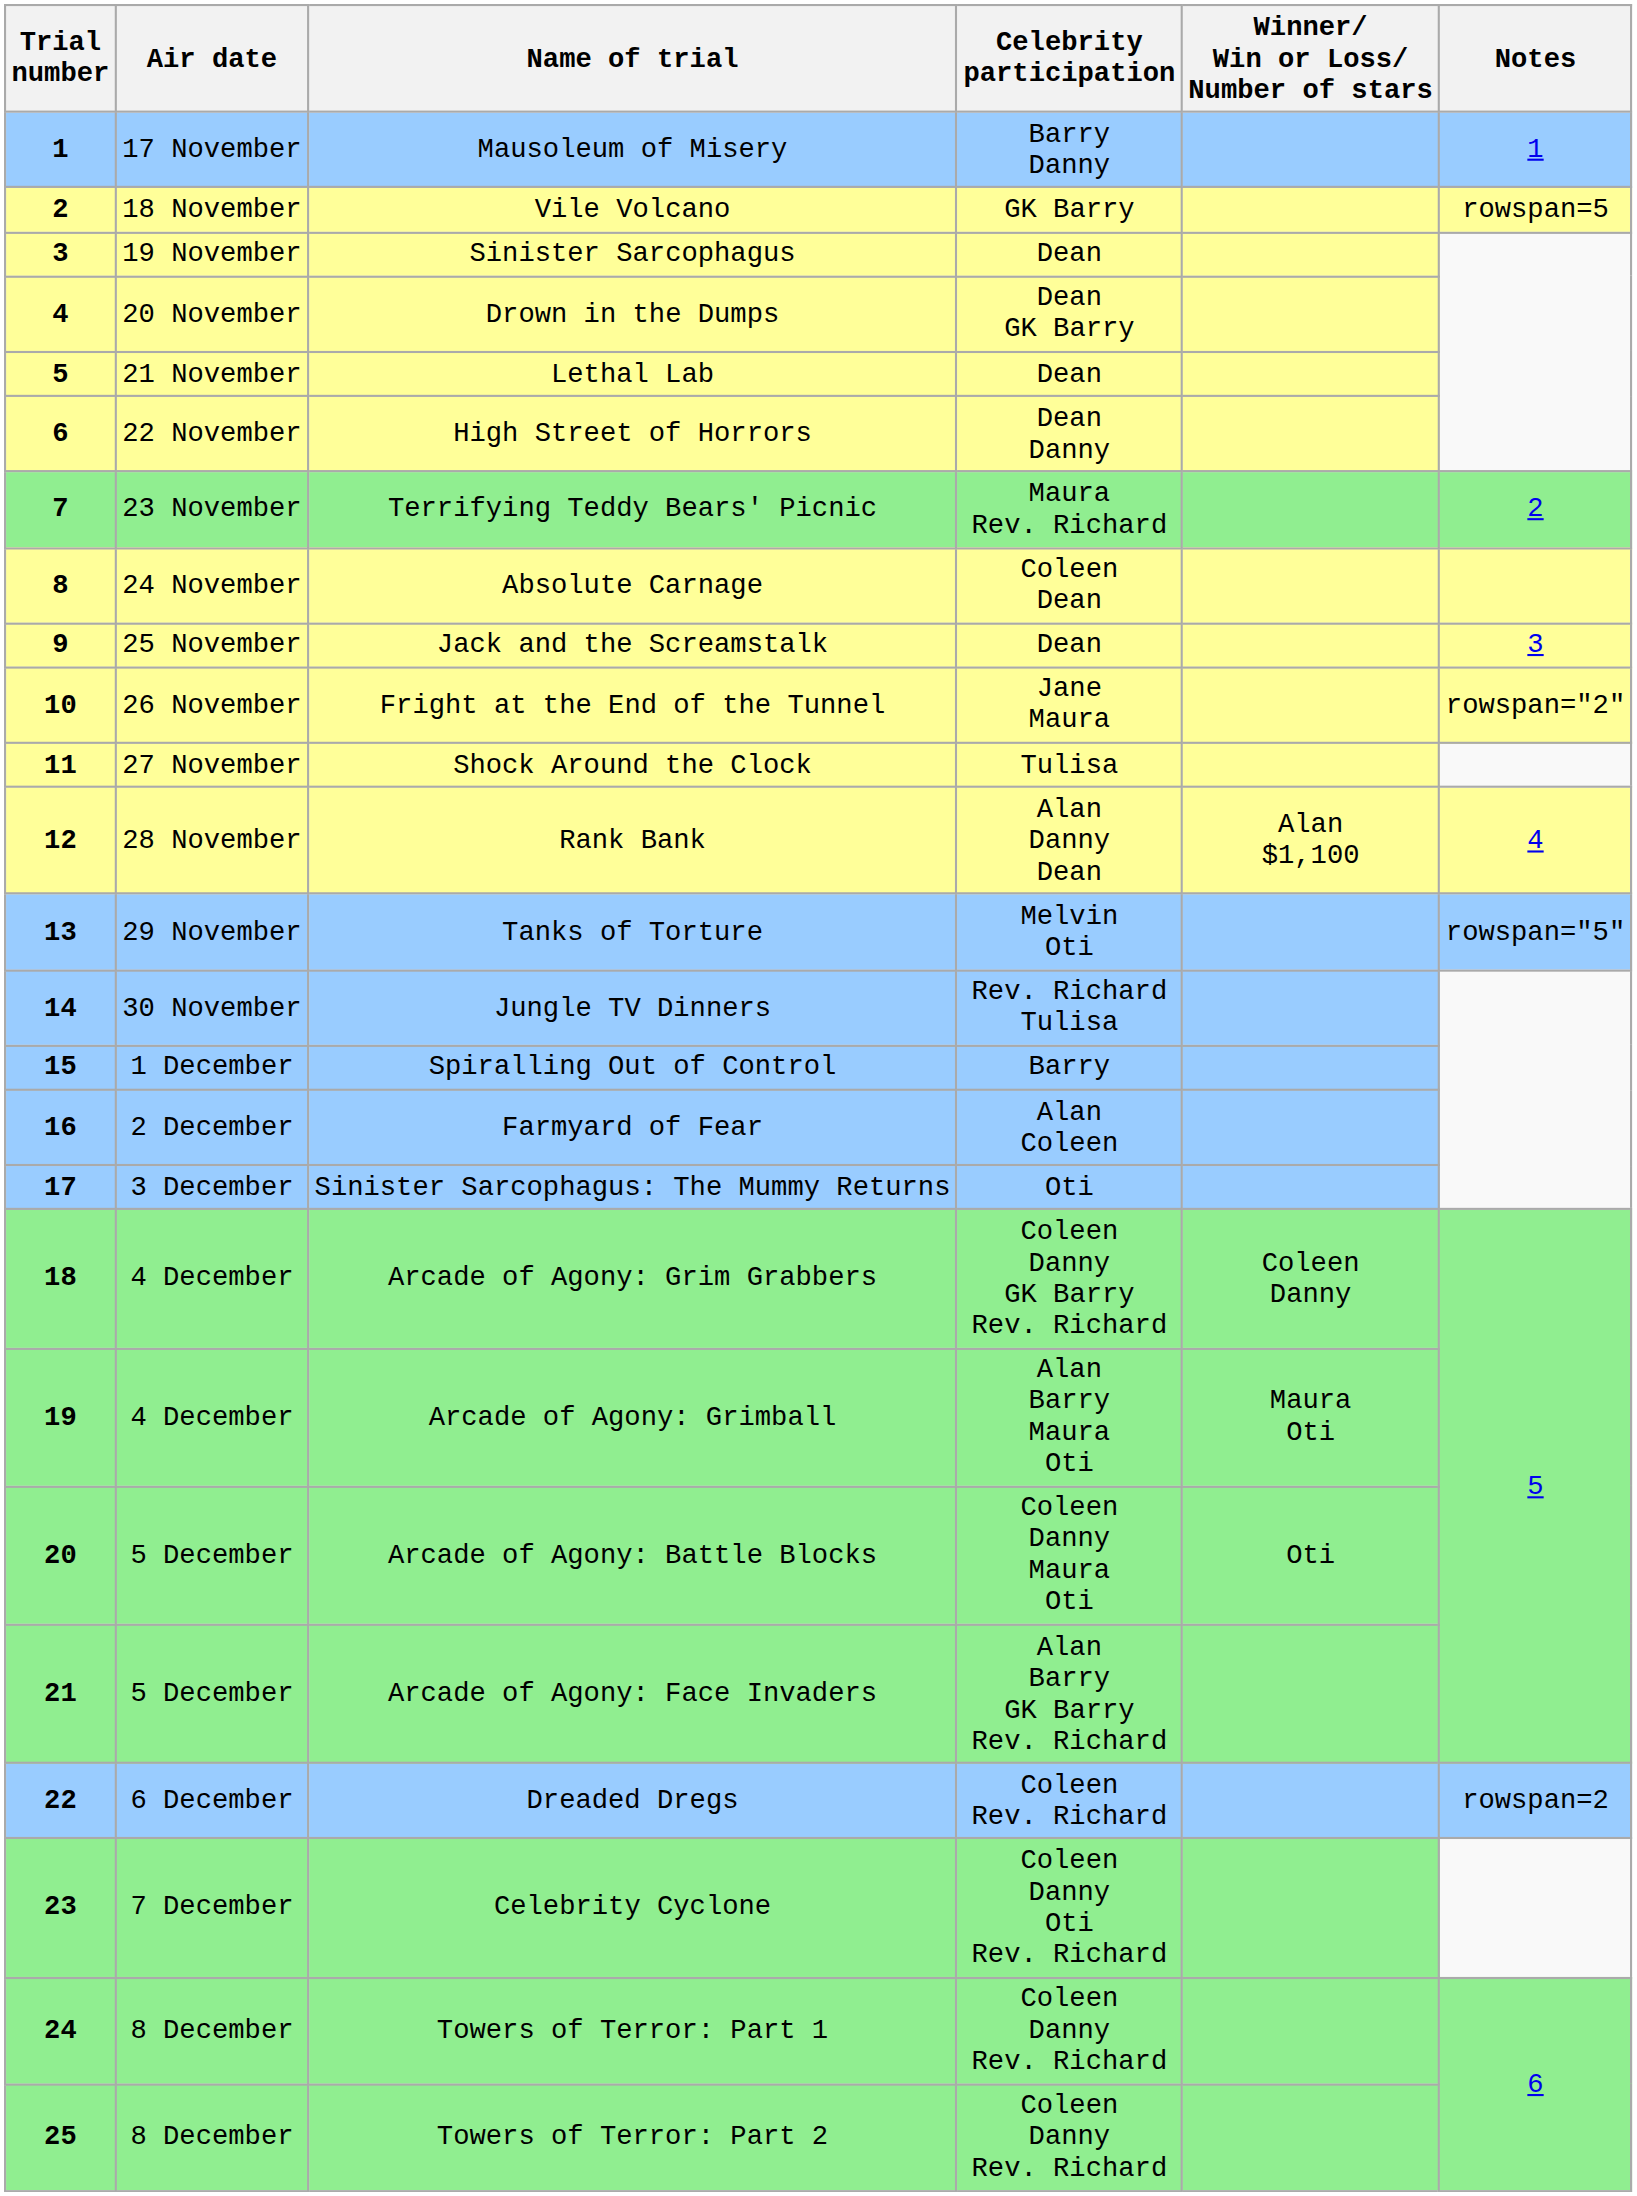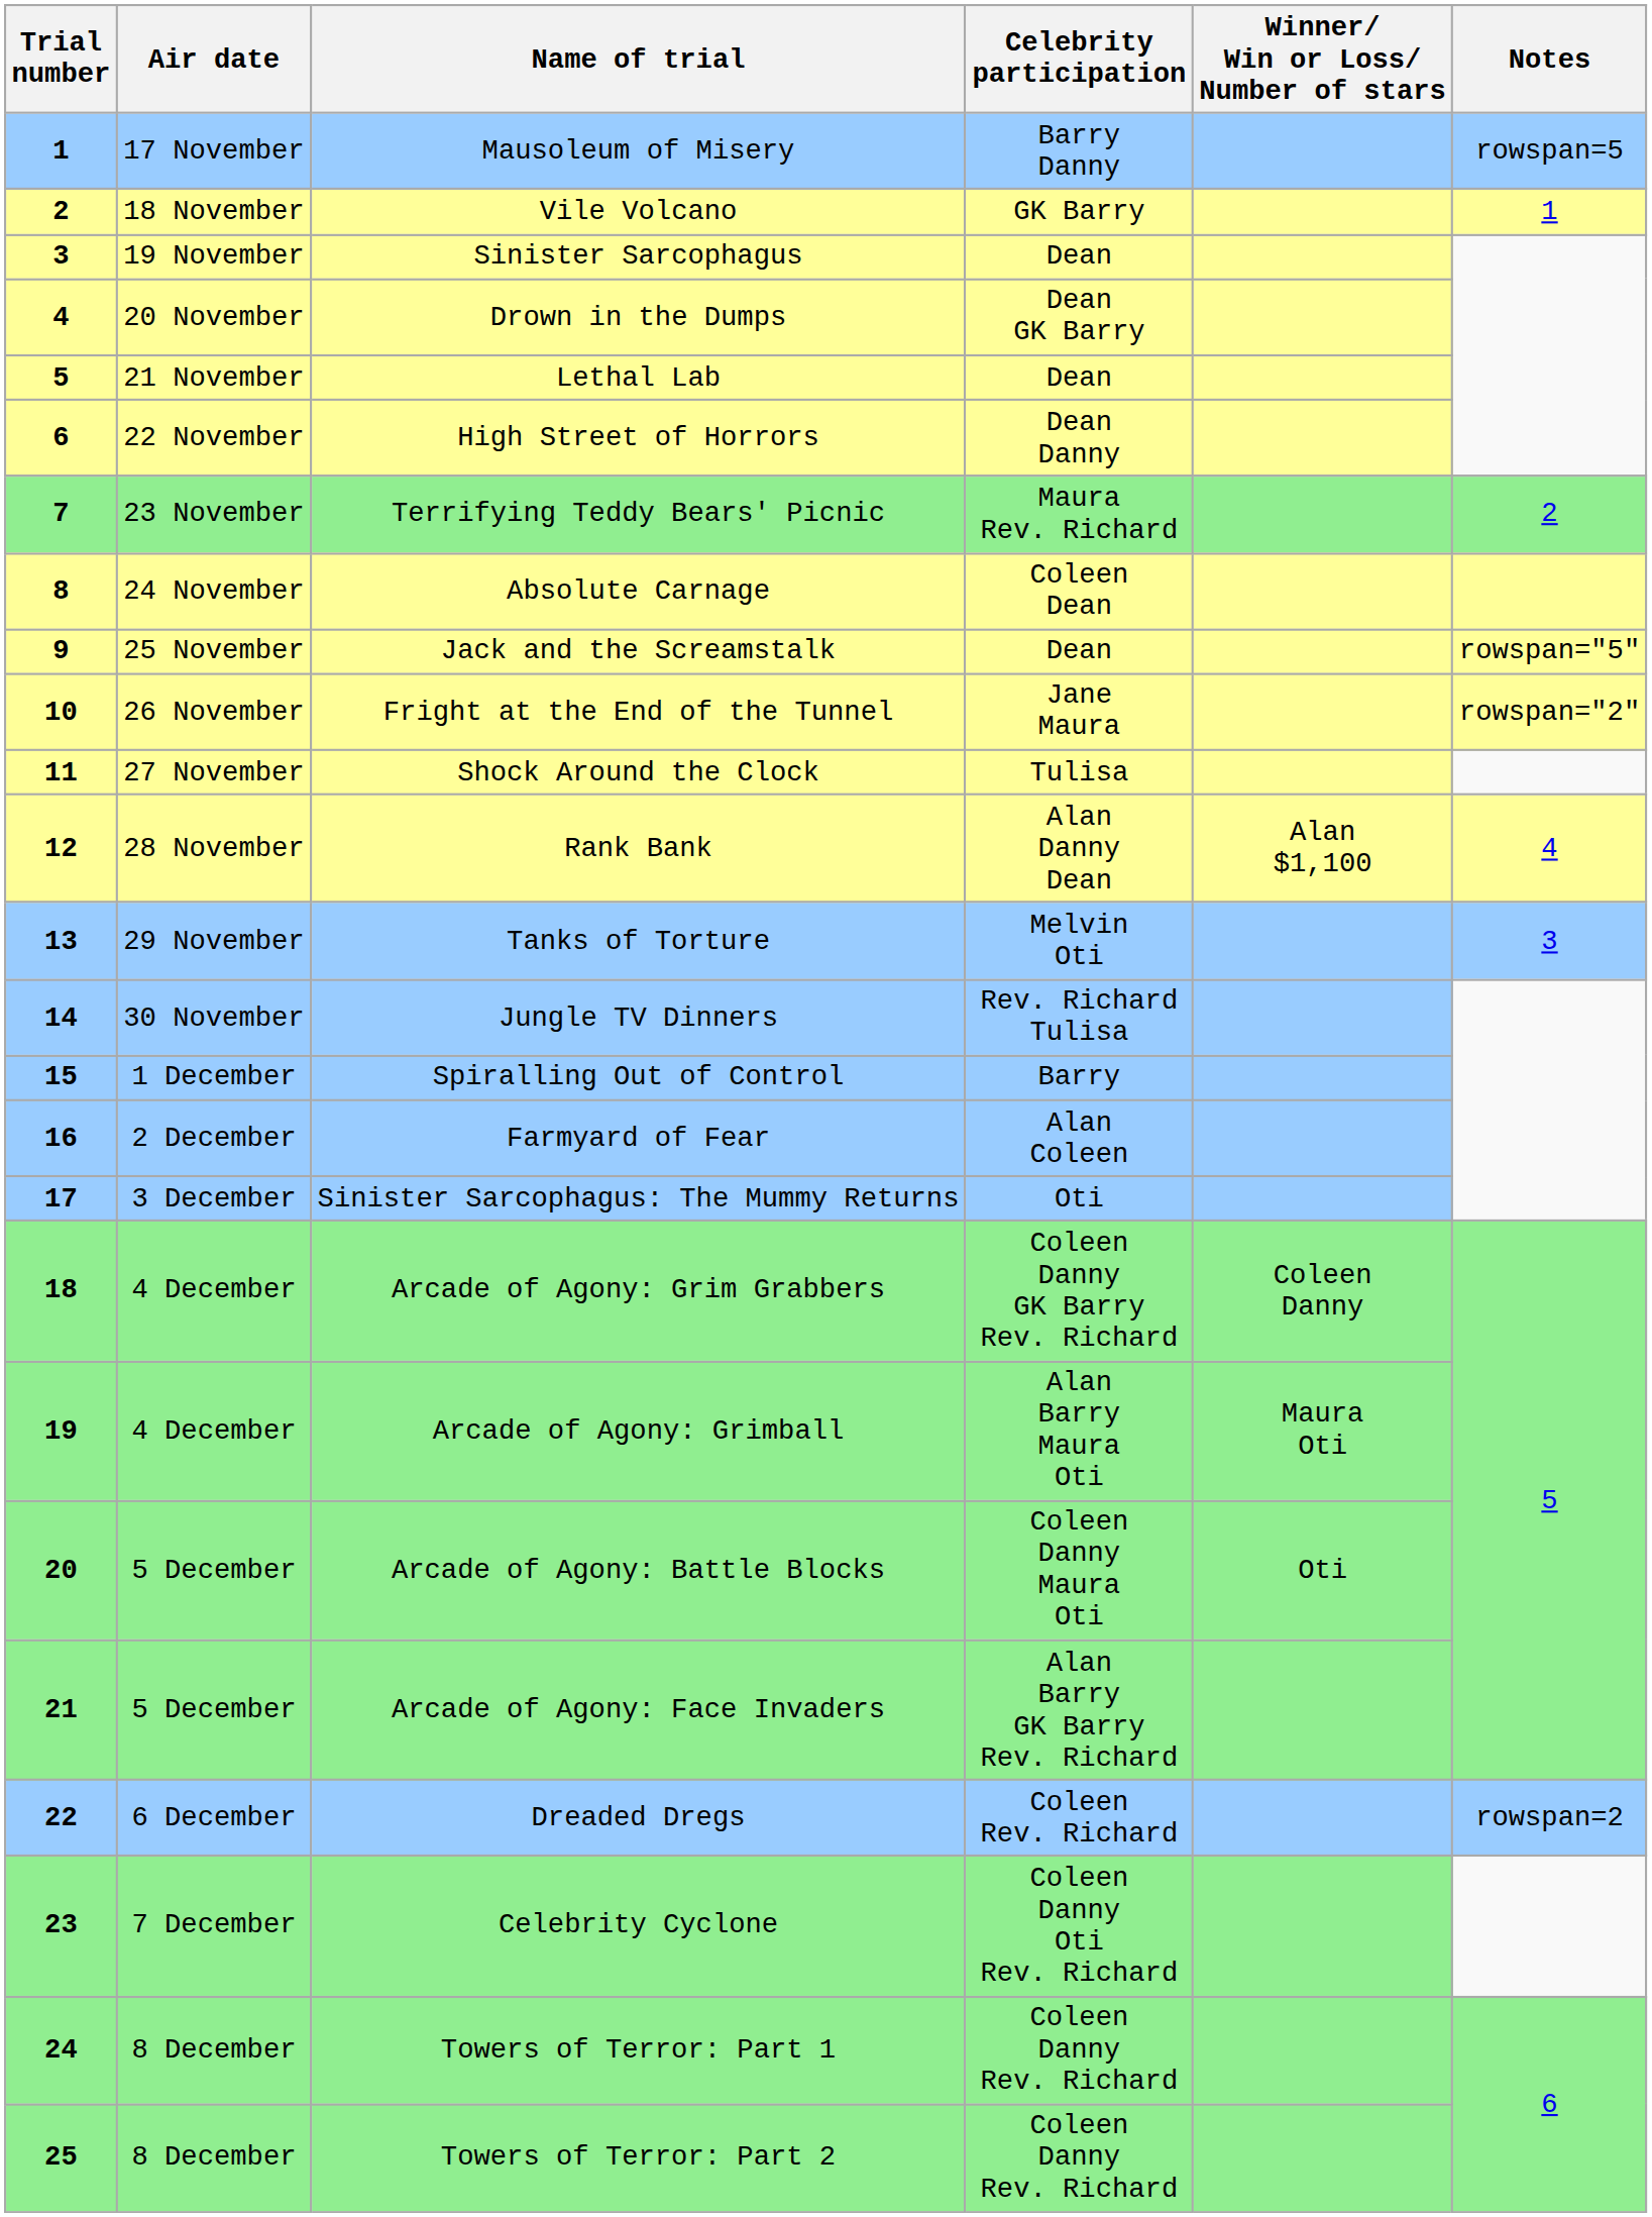 <table class=wikitable style="text-align:center">
 <tr>
 <th scope="col">Trial<br>number</th>
 <th scope="col">Air date</th>
 <th scope="col">Name of trial</th>
 <th scope="col">Celebrity<br>participation</th>
 <th scope="col">Winner/<br>Win or Loss/<br>Number of stars</th>
 <th scope="col">Notes</th>
 </tr>
 <tr style="background:#99CCFF;">
 <td><strong>1</strong></td>
 <td>17 November</td>
 <td>Mausoleum of Misery</td>
 <td>Barry<br>Danny</td>
 <td></td>
-<td><a href='#'>1</a></td>
+<td>rowspan=5 </td>
 </tr>
 <tr style="background:#FFFF99;">
 <td><strong>2</strong></td>
 <td>18 November</td>
 <td>Vile Volcano</td>
 <td>GK Barry</td>
 <td></td>
-<td>rowspan=5 </td>
+<td><a href='#'>1</a></td>
 </tr>
 <tr style="background:#FFFF99;">
 <td><strong>3</strong></td>
 <td>19 November</td>
 <td>Sinister Sarcophagus</td>
 <td>Dean</td>
 <td></td>
 </tr>
 <tr style="background:#FFFF99;">
 <td><strong>4</strong></td>
 <td>20 November</td>
 <td>Drown in the Dumps</td>
 <td>Dean<br>GK Barry</td>
 <td></td>
 </tr>
 <tr style="background:#FFFF99;">
 <td><strong>5</strong></td>
 <td>21 November</td>
 <td>Lethal Lab</td>
 <td>Dean</td>
 <td></td>
 </tr>
 <tr style="background:#FFFF99;">
 <td><strong>6</strong></td>
 <td>22 November</td>
 <td>High Street of Horrors</td>
 <td>Dean<br>Danny</td>
 <td></td>
 </tr>
 <tr style="background:lightgreen;">
 <td><strong>7</strong></td>
 <td>23 November</td>
 <td>Terrifying Teddy Bears' Picnic</td>
 <td>Maura<br>Rev. Richard</td>
 <td></td>
 <td><a href='#'>2</a></td>
 </tr>
 <tr style="background:#FFFF99;">
 <td><strong>8</strong></td>
 <td>24 November</td>
 <td>Absolute Carnage</td>
 <td>Coleen<br>Dean</td>
 <td></td>
 <td></td>
 </tr>
 <tr style="background:#FFFF99;">
 <td><strong>9</strong></td>
 <td>25 November</td>
 <td>Jack and the Screamstalk</td>
 <td>Dean</td>
 <td></td>
-<td><a href='#'>3</a></td>
+<td>rowspan="5" </td>
 </tr>
 <tr style="background:#FFFF99;">
 <td><strong>10</strong></td>
 <td>26 November</td>
 <td>Fright at the End of the Tunnel</td>
 <td>Jane<br>Maura</td>
 <td></td>
 <td>rowspan="2" </td>
 </tr>
 <tr style="background:#FFFF99;">
 <td><strong>11</strong></td>
 <td>27 November</td>
 <td>Shock Around the Clock</td>
 <td>Tulisa</td>
 <td></td>
 </tr>
 <tr style="background:#FFFF99;">
 <td><strong>12</strong></td>
 <td>28 November</td>
 <td>Rank Bank</td>
 <td>Alan<br>Danny<br>Dean</td>
 <td>Alan<br>$1,100</td>
 <td><a href='#'>4</a></td>
 </tr>
 <tr style="background:#99CCFF;">
 <td><strong>13</strong></td>
 <td>29 November</td>
 <td>Tanks of Torture</td>
 <td>Melvin<br>Oti</td>
 <td></td>
-<td>rowspan="5" </td>
+<td><a href='#'>3</a></td>
 </tr>
 <tr style="background:#99CCFF;">
 <td><strong>14</strong></td>
 <td>30 November</td>
 <td>Jungle TV Dinners</td>
 <td>Rev. Richard<br>Tulisa</td>
 <td></td>
 </tr>
 <tr style="background:#99CCFF;">
 <td><strong>15</strong></td>
 <td>1 December</td>
 <td>Spiralling Out of Control</td>
 <td>Barry</td>
 <td></td>
 </tr>
 <tr style="background:#99CCFF;">
 <td><strong>16</strong></td>
 <td>2 December</td>
 <td>Farmyard of Fear</td>
 <td>Alan<br>Coleen</td>
 <td></td>
 </tr>
 <tr style="background:#99CCFF;">
 <td><strong>17</strong></td>
 <td>3 December</td>
 <td>Sinister Sarcophagus: The Mummy Returns</td>
 <td>Oti</td>
 <td></td>
 </tr>
 <tr style="background:lightgreen;">
 <td><strong>18</strong></td>
 <td>4 December</td>
 <td>Arcade of Agony: Grim Grabbers</td>
 <td>Coleen<br>Danny<br>GK Barry<br>Rev. Richard</td>
 <td>Coleen<br>Danny<br></td>
 <td rowspan="4"><a href='#'>5</a></td>
 </tr>
 <tr style="background:lightgreen;">
 <td><strong>19</strong></td>
 <td>4 December</td>
 <td>Arcade of Agony: Grimball</td>
 <td>Alan<br>Barry<br>Maura<br>Oti</td>
 <td>Maura<br>Oti<br></td>
 </tr>
 <tr style="background:lightgreen;">
 <td><strong>20</strong></td>
 <td>5 December</td>
 <td>Arcade of Agony: Battle Blocks</td>
 <td>Coleen<br>Danny<br>Maura<br>Oti</td>
 <td>Oti</td>
 </tr>
 <tr style="background:lightgreen;">
 <td><strong>21</strong></td>
 <td>5 December</td>
 <td>Arcade of Agony: Face Invaders</td>
 <td>Alan<br>Barry<br>GK Barry<br>Rev. Richard</td>
 <td></td>
 </tr>
 <tr style="background:#99CCFF;">
 <td><strong>22</strong></td>
 <td>6 December</td>
 <td>Dreaded Dregs</td>
 <td>Coleen<br>Rev. Richard</td>
 <td></td>
 <td>rowspan=2 </td>
 </tr>
 <tr style="background:lightgreen;">
 <td><strong>23</strong></td>
 <td>7 December</td>
 <td>Celebrity Cyclone</td>
 <td>Coleen<br>Danny<br>Oti<br>Rev. Richard</td>
 <td></td>
 </tr>
 <tr style="background:lightgreen;">
 <td><strong>24</strong></td>
 <td>8 December</td>
 <td>Towers of Terror: Part 1</td>
 <td>Coleen<br>Danny<br>Rev. Richard</td>
 <td></td>
 <td rowspan="2"><a href='#'>6</a></td>
 </tr>
 <tr style="background:lightgreen;">
 <td><strong>25</strong></td>
 <td>8 December</td>
 <td>Towers of Terror: Part 2</td>
 <td>Coleen<br>Danny<br>Rev. Richard</td>
 <td></td>
 </tr>
 </table>
